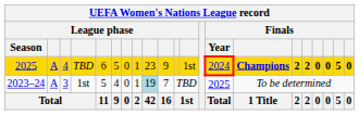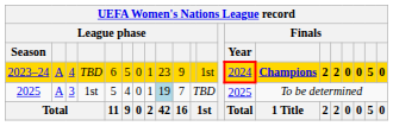 <table class="wikitable" style="text-align:center">
 <tr>
 <th colspan="22"><a href='#'>UEFA Women's Nations League</a> record</th>
 </tr>
 <tr>
 <th colspan="12">League phase</th>
 <th rowspan="5"></th>
 <th colspan="9">Finals</th>
 </tr>
 <tr>
 <th>Season</th>
 <th></th>
 <th></th>
 <th></th>
 <th></th>
 <th></th>
 <th></th>
 <th></th>
 <th></th>
 <th></th>
 <th></th>
 <th></th>
 <th>Year</th>
 <th></th>
 <th></th>
 <th></th>
 <th></th>
 <th></th>
 <th></th>
 <th></th>
 </tr>
 <tr style="background:gold">
-<td><a href='#'>2025</a></td>
+<td><a href='#'>2023–24</a></td>
 <td><a href='#'>A</a></td>
 <td><a href='#'>4</a></td>
 <td><em>TBD</em></td>
 <td>6</td>
 <td>5</td>
 <td>0</td>
 <td>1</td>
 <td>23</td>
 <td>9</td>
 <td></td>
 <td>1st</td>
 <td style="border: 3px solid red">   <a href='#'>2024</a></td>
 <td><strong><a href='#'>Champions</a></strong></td>
 <td><strong>2</strong></td>
 <td><strong>2</strong></td>
 <td><strong>0</strong></td>
 <td><strong>0</strong></td>
 <td><strong>5</strong></td>
 <td><strong>0</strong></td>
 </tr>
 <tr>
-<td><a href='#'>2023–24</a></td>
+<td><a href='#'>2025</a></td>
 <td><a href='#'>A</a></td>
 <td><a href='#'>3</a></td>
 <td>1st</td>
 <td>5</td>
 <td>4</td>
 <td>0</td>
 <td>1</td>
 <td style="background: lightblue;">19</td>
 <td>7</td>
 <td colspan="2"><em>TBD</em></td>
 <td> <a href='#'>2025</a></td>
 <td colspan="7"><em>To be determined</em></td>
 </tr>
 <tr>
 <th colspan="4">Total</th>
 <th>11</th>
 <th>9</th>
 <th>0</th>
 <th>2</th>
 <th>42</th>
 <th>16</th>
 <th colspan="2">1st</th>
 <th>Total</th>
 <th>1 Title</th>
 <th>2</th>
 <th>2</th>
 <th>0</th>
 <th>0</th>
 <th>5</th>
 <th>0</th>
 </tr>
 </table>
